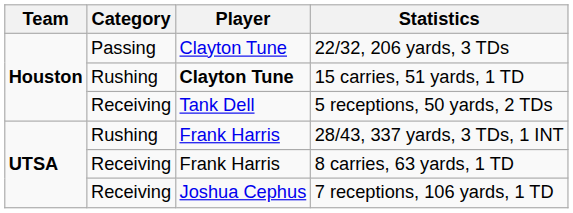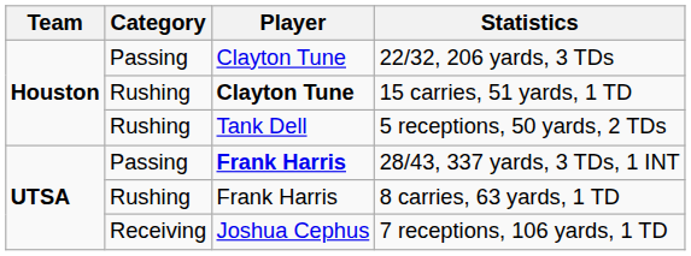 <table class="wikitable" style="float: right;">
 <tr>
 <th>Team</th>
 <th>Category</th>
 <th>Player</th>
 <th>Statistics</th>
 </tr>
 <tr>
 <td rowspan=3><strong>Houston</strong></td>
 <td>Passing</td>
 <td><a href='#'>Clayton Tune</a></td>
 <td>22/32, 206 yards, 3 TDs</td>
 </tr>
 <tr>
 <td>Rushing</td>
 <td><strong>Clayton Tune</strong></td>
 <td>15 carries, 51 yards, 1 TD</td>
 </tr>
 <tr>
-<td>Receiving</td>
+<td>Rushing</td>
 <td><a href='#'>Tank Dell</a></td>
 <td>5 receptions, 50 yards, 2 TDs</td>
 </tr>
 <tr>
 <td rowspan=3><strong>UTSA</strong></td>
-<td>Rushing</td>
-<td><a href='#'>Frank Harris</a></td>
+<td>Passing</td>
+<td><strong><a href='#'>Frank Harris</a></strong></td>
 <td>28/43, 337 yards, 3 TDs, 1 INT</td>
 </tr>
 <tr>
-<td>Receiving</td>
+<td>Rushing</td>
 <td>Frank Harris</td>
 <td>8 carries, 63 yards, 1 TD</td>
 </tr>
 <tr>
 <td>Receiving</td>
 <td><a href='#'>Joshua Cephus</a></td>
 <td>7 receptions, 106 yards, 1 TD</td>
 </tr>
 </table>
